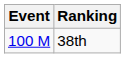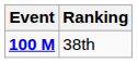 <table class="wikitable sortable">
 <tr>
 <th>Event</th>
 <th>Ranking</th>
 </tr>
 <tr>
-<td><a href='#'>100 M</a></td>
+<td><strong><a href='#'>100 M</a></strong></td>
 <td>38th</td>
 </tr>
 </table>
